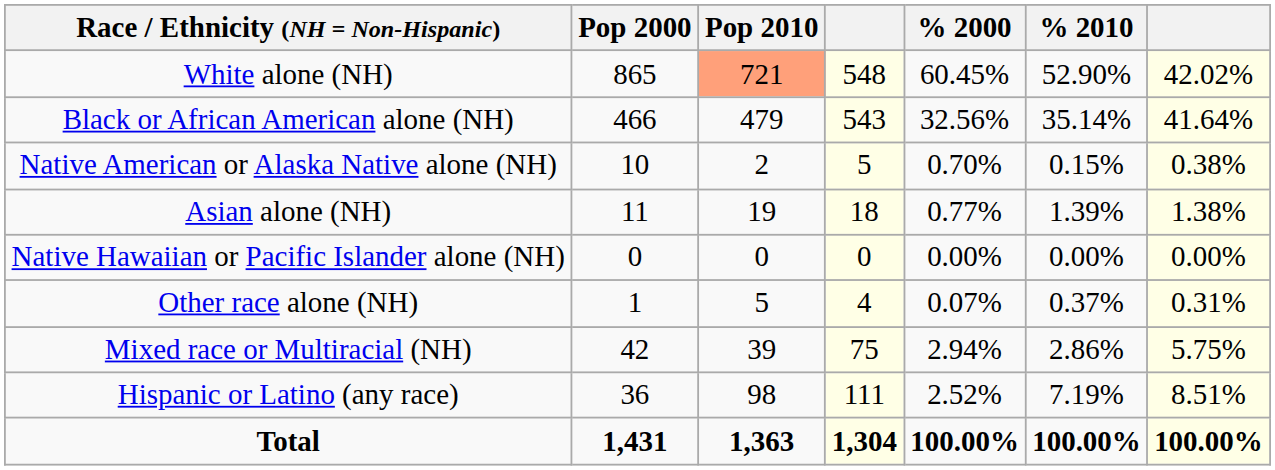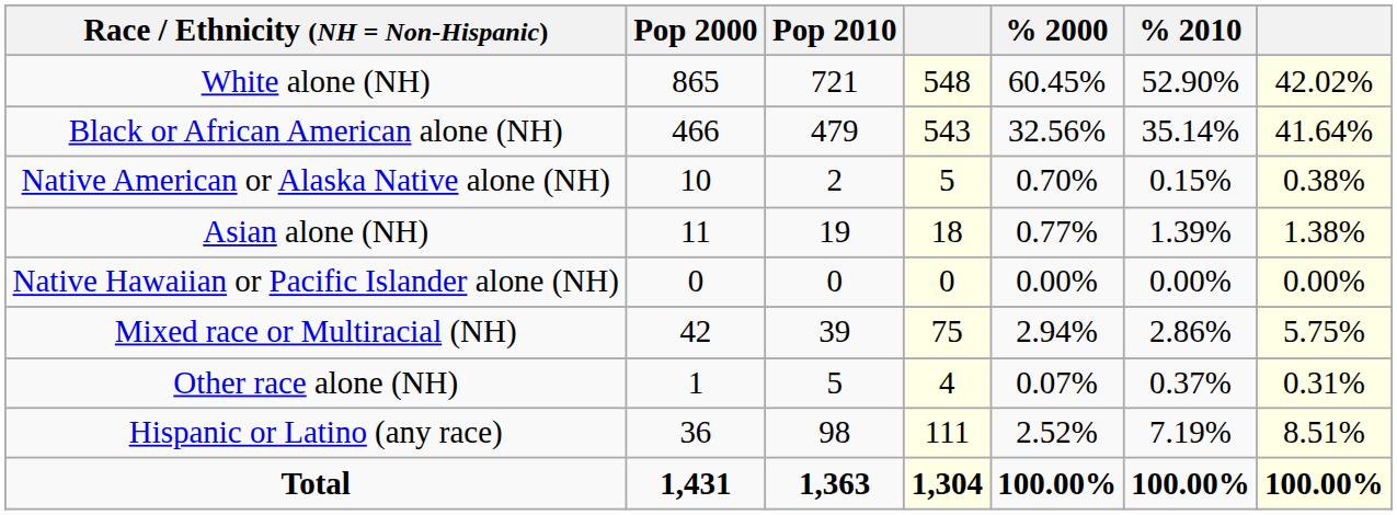 <table class="wikitable" style="text-align:center;">
 <tr>
 <th>Race / Ethnicity <small>(<em>NH = Non-Hispanic</em>)</small></th>
 <th>Pop 2000</th>
 <th>Pop 2010</th>
 <th></th>
 <th>% 2000</th>
 <th>% 2010</th>
 <th></th>
 </tr>
 <tr>
 <td><a href='#'>White</a> alone (NH)</td>
 <td>865</td>
-<td style="background: lightsalmon;">721</td>
+<td>721</td>
 <td style='background: #ffffe6;'>548</td>
 <td>60.45%</td>
 <td>52.90%</td>
 <td style='background: #ffffe6;'>42.02%</td>
 </tr>
 <tr>
 <td><a href='#'>Black or African American</a> alone (NH)</td>
 <td>466</td>
 <td>479</td>
 <td style='background: #ffffe6;'>543</td>
 <td>32.56%</td>
 <td>35.14%</td>
 <td style='background: #ffffe6;'>41.64%</td>
 </tr>
 <tr>
 <td><a href='#'>Native American</a> or <a href='#'>Alaska Native</a> alone (NH)</td>
 <td>10</td>
 <td>2</td>
 <td style='background: #ffffe6;'>5</td>
 <td>0.70%</td>
 <td>0.15%</td>
 <td style='background: #ffffe6;'>0.38%</td>
 </tr>
 <tr>
 <td><a href='#'>Asian</a> alone (NH)</td>
 <td>11</td>
 <td>19</td>
 <td style='background: #ffffe6;'>18</td>
 <td>0.77%</td>
 <td>1.39%</td>
 <td style='background: #ffffe6;'>1.38%</td>
 </tr>
 <tr>
 <td><a href='#'>Native Hawaiian</a> or <a href='#'>Pacific Islander</a> alone (NH)</td>
 <td>0</td>
 <td>0</td>
 <td style='background: #ffffe6;'>0</td>
 <td>0.00%</td>
 <td>0.00%</td>
 <td style='background: #ffffe6;'>0.00%</td>
 </tr>
 <tr>
+<td><a href='#'>Mixed race or Multiracial</a> (NH)</td>
+<td>42</td>
+<td>39</td>
+<td style='background: #ffffe6;'>75</td>
+<td>2.94%</td>
+<td>2.86%</td>
+<td style='background: #ffffe6;'>5.75%</td>
+</tr>
+<tr>
 <td><a href='#'>Other race</a> alone (NH)</td>
 <td>1</td>
 <td>5</td>
 <td style='background: #ffffe6;'>4</td>
 <td>0.07%</td>
 <td>0.37%</td>
 <td style='background: #ffffe6;'>0.31%</td>
-</tr>
-<tr>
-<td><a href='#'>Mixed race or Multiracial</a> (NH)</td>
-<td>42</td>
-<td>39</td>
-<td style='background: #ffffe6;'>75</td>
-<td>2.94%</td>
-<td>2.86%</td>
-<td style='background: #ffffe6;'>5.75%</td>
 </tr>
 <tr>
 <td><a href='#'>Hispanic or Latino</a> (any race)</td>
 <td>36</td>
 <td>98</td>
 <td style='background: #ffffe6;'>111</td>
 <td>2.52%</td>
 <td>7.19%</td>
 <td style='background: #ffffe6;'>8.51%</td>
 </tr>
 <tr>
 <td><strong>Total</strong></td>
 <td><strong>1,431</strong></td>
 <td><strong>1,363</strong></td>
 <td style='background: #ffffe6;'><strong>1,304</strong></td>
 <td><strong>100.00%</strong></td>
 <td><strong>100.00%</strong></td>
 <td style='background: #ffffe6;'><strong>100.00%</strong></td>
 </tr>
 </table>
